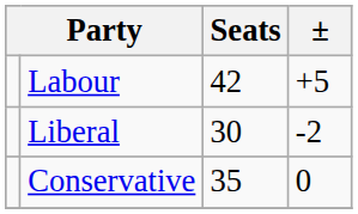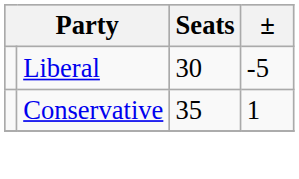 <table class="wikitable">
 <tr>
 <th colspan="2">Party</th>
 <th>Seats</th>
 <th>  ±  </th>
 </tr>
 <tr>
 <td style="background-color: "></td>
-<td><a href='#'>Labour</a></td>
-<td>42</td>
-<td>+5</td>
-</tr>
-<tr>
-<td style="background-color: "></td>
 <td><a href='#'>Liberal</a></td>
 <td>30</td>
-<td>-2</td>
+<td>-5</td>
 </tr>
 <tr>
 <td style="background-color: "></td>
 <td><a href='#'>Conservative</a></td>
 <td>35</td>
-<td>0</td>
+<td>1</td>
 </tr>
 <tr>
 </tr>
 </table>
